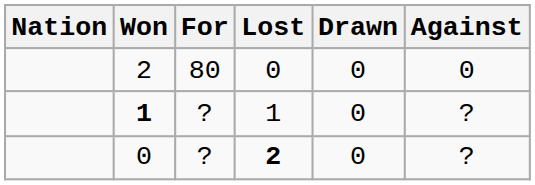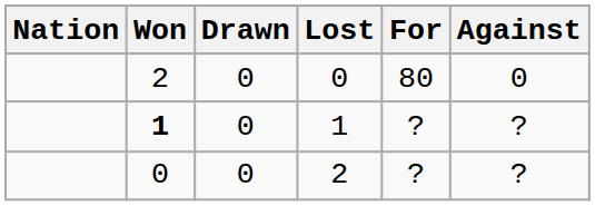 <table class="wikitable" style="text-align: center;">
 <tr>
 <th>Nation</th>
 <th>Won</th>
+<th>Drawn</th>
+<th>Lost</th>
 <th>For</th>
-<th>Lost</th>
-<th>Drawn</th>
 <th>Against</th>
 </tr>
 <tr>
 <td align=left></td>
 <td>2</td>
-<td>80</td>
 <td>0</td>
 <td>0</td>
+<td>80</td>
 <td>0</td>
 </tr>
 <tr>
 <td align=left></td>
 <td><strong>1</strong></td>
+<td>0</td>
+<td>1</td>
 <td>?</td>
-<td>1</td>
-<td>0</td>
 <td>?</td>
 </tr>
 <tr>
 <td align=left></td>
 <td>0</td>
+<td>0</td>
+<td>2</td>
 <td>?</td>
-<td><strong>2</strong></td>
-<td>0</td>
 <td>?</td>
 </tr>
 </table>
